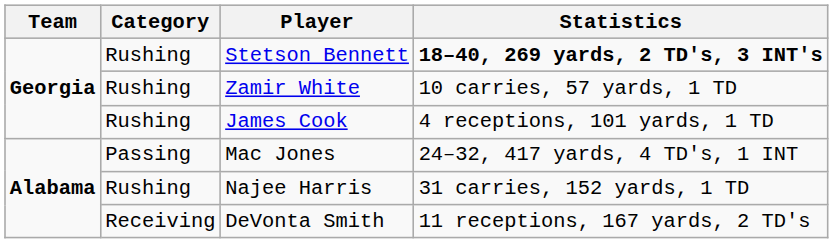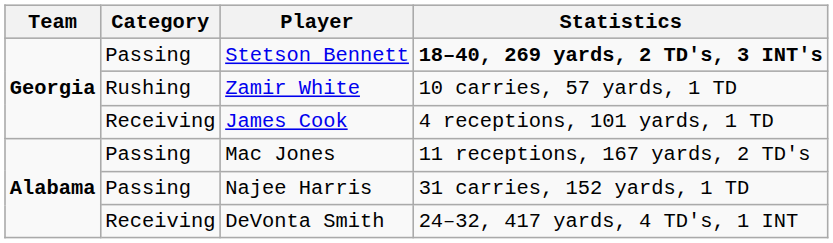 <table class="wikitable" style="float: right;">
 <tr>
 <th>Team</th>
 <th>Category</th>
 <th>Player</th>
 <th>Statistics</th>
 </tr>
 <tr>
 <td rowspan=3><strong>Georgia</strong></td>
-<td>Rushing</td>
+<td>Passing</td>
 <td><a href='#'>Stetson Bennett</a></td>
 <td><strong>18–40, 269 yards, 2 TD's, 3 INT's</strong></td>
 </tr>
 <tr>
 <td>Rushing</td>
 <td><a href='#'>Zamir White</a></td>
 <td>10 carries, 57 yards, 1 TD</td>
 </tr>
 <tr>
-<td>Rushing</td>
+<td>Receiving</td>
 <td><a href='#'>James Cook</a></td>
 <td>4 receptions, 101 yards, 1 TD</td>
 </tr>
 <tr>
 <td rowspan=3><strong>Alabama</strong></td>
 <td>Passing</td>
 <td>Mac Jones</td>
-<td>24–32, 417 yards, 4 TD's, 1 INT</td>
+<td>11 receptions, 167 yards, 2 TD's</td>
 </tr>
 <tr>
-<td>Rushing</td>
+<td>Passing</td>
 <td>Najee Harris</td>
 <td>31 carries, 152 yards, 1 TD</td>
 </tr>
 <tr>
 <td>Receiving</td>
 <td>DeVonta Smith</td>
-<td>11 receptions, 167 yards, 2 TD's</td>
+<td>24–32, 417 yards, 4 TD's, 1 INT</td>
 </tr>
 </table>
